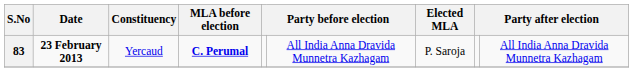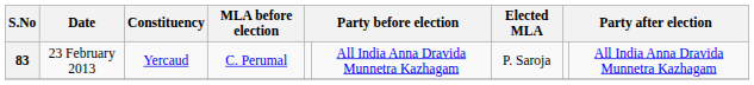 <table class="wikitable sortable" style="text-align:center;">
 <tr>
 <th>S.No</th>
 <th>Date</th>
 <th>Constituency</th>
 <th>MLA before election</th>
 <th colspan="2">Party before election</th>
 <th>Elected MLA</th>
 <th colspan="2">Party after election</th>
 </tr>
 <tr>
 <th>83</th>
-<td><strong>23 February 2013</strong></td>
+<td>23 February 2013</td>
 <td><a href='#'>Yercaud</a></td>
-<td><strong><a href='#'>C. Perumal</a></strong></td>
+<td><a href='#'>C. Perumal</a></td>
 <td></td>
 <td><a href='#'>All India Anna Dravida Munnetra Kazhagam</a></td>
 <td>P. Saroja</td>
 <td></td>
 <td><a href='#'>All India Anna Dravida Munnetra Kazhagam</a></td>
 </tr>
 <tr>
 </tr>
 </table>
